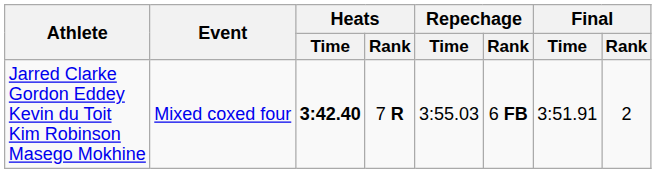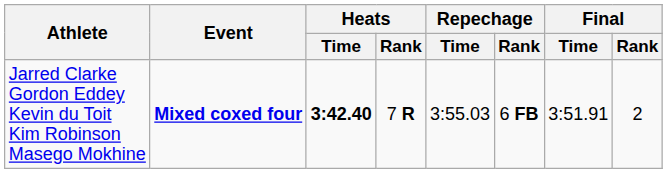 <table class="wikitable" style="font-size:90%;">
 <tr>
 <th rowspan="2">Athlete</th>
 <th rowspan="2">Event</th>
 <th colspan="2">Heats</th>
 <th colspan="2">Repechage</th>
 <th colspan="2">Final</th>
 </tr>
 <tr style="font-size:95%">
 <th>Time</th>
 <th>Rank</th>
 <th>Time</th>
 <th>Rank</th>
 <th>Time</th>
 <th>Rank</th>
 </tr>
 <tr>
 <td align=left><a href='#'>Jarred Clarke</a><br> <a href='#'>Gordon Eddey</a><br> <a href='#'>Kevin du Toit</a><br> <a href='#'>Kim Robinson</a><br> <a href='#'>Masego Mokhine</a></td>
-<td align=left><a href='#'>Mixed coxed four</a></td>
+<td align=left><strong><a href='#'>Mixed coxed four</a></strong></td>
 <td align=center><strong>3:42.40</strong></td>
 <td align=center>7 <strong>R</strong></td>
 <td align=center>3:55.03</td>
 <td align=center>6 <strong>FB</strong></td>
 <td align=center>3:51.91</td>
 <td align=center>2</td>
 </tr>
 </table>
